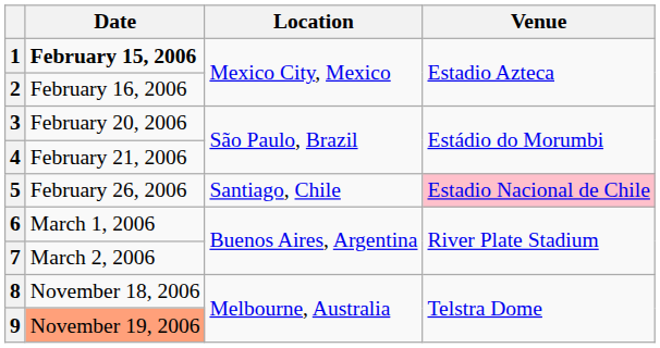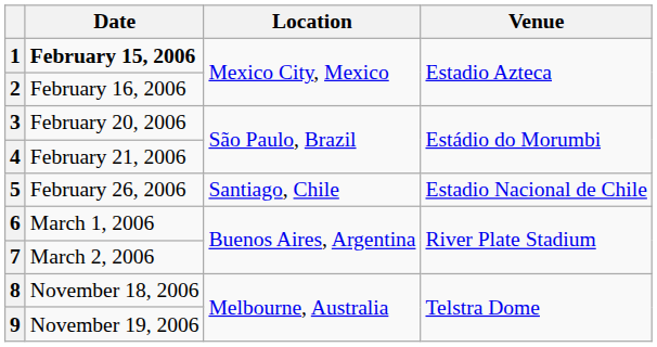 <table class="wikitable" style="float:left; margin:10px 10px 10px 0;">
 <tr>
 <th scope="col"></th>
 <th scope="col">Date</th>
 <th scope="col">Location</th>
 <th scope="col">Venue</th>
 </tr>
 <tr>
 <th scope="row">1</th>
 <td><strong>February 15, 2006</strong></td>
 <td rowspan=2><a href='#'>Mexico City</a>, <a href='#'>Mexico</a></td>
 <td rowspan=2><a href='#'>Estadio Azteca</a></td>
 </tr>
 <tr>
 <th scope="row">2</th>
 <td>February 16, 2006</td>
 </tr>
 <tr>
 <th scope="row">3</th>
 <td>February 20, 2006</td>
 <td rowspan=2><a href='#'>São Paulo</a>, <a href='#'>Brazil</a></td>
 <td rowspan=2><a href='#'>Estádio do Morumbi</a></td>
 </tr>
 <tr>
 <th scope="row">4</th>
 <td>February 21, 2006</td>
 </tr>
 <tr>
 <th scope="row">5</th>
 <td>February 26, 2006</td>
 <td><a href='#'>Santiago</a>, <a href='#'>Chile</a></td>
-<td style="background: pink;"><a href='#'>Estadio Nacional de Chile</a></td>
+<td><a href='#'>Estadio Nacional de Chile</a></td>
 </tr>
 <tr>
 <th scope="row">6</th>
 <td>March 1, 2006</td>
 <td rowspan=2><a href='#'>Buenos Aires</a>, <a href='#'>Argentina</a></td>
 <td rowspan=2><a href='#'>River Plate Stadium</a></td>
 </tr>
 <tr>
 <th scope="row">7</th>
 <td>March 2, 2006</td>
 </tr>
 <tr>
 <th scope="row">8</th>
 <td>November 18, 2006</td>
 <td rowspan=2><a href='#'>Melbourne</a>, <a href='#'>Australia</a></td>
 <td rowspan=2><a href='#'>Telstra Dome</a></td>
 </tr>
 <tr>
 <th scope="row">9</th>
-<td style="background: lightsalmon;">November 19, 2006</td>
+<td>November 19, 2006</td>
 </tr>
 </table>
